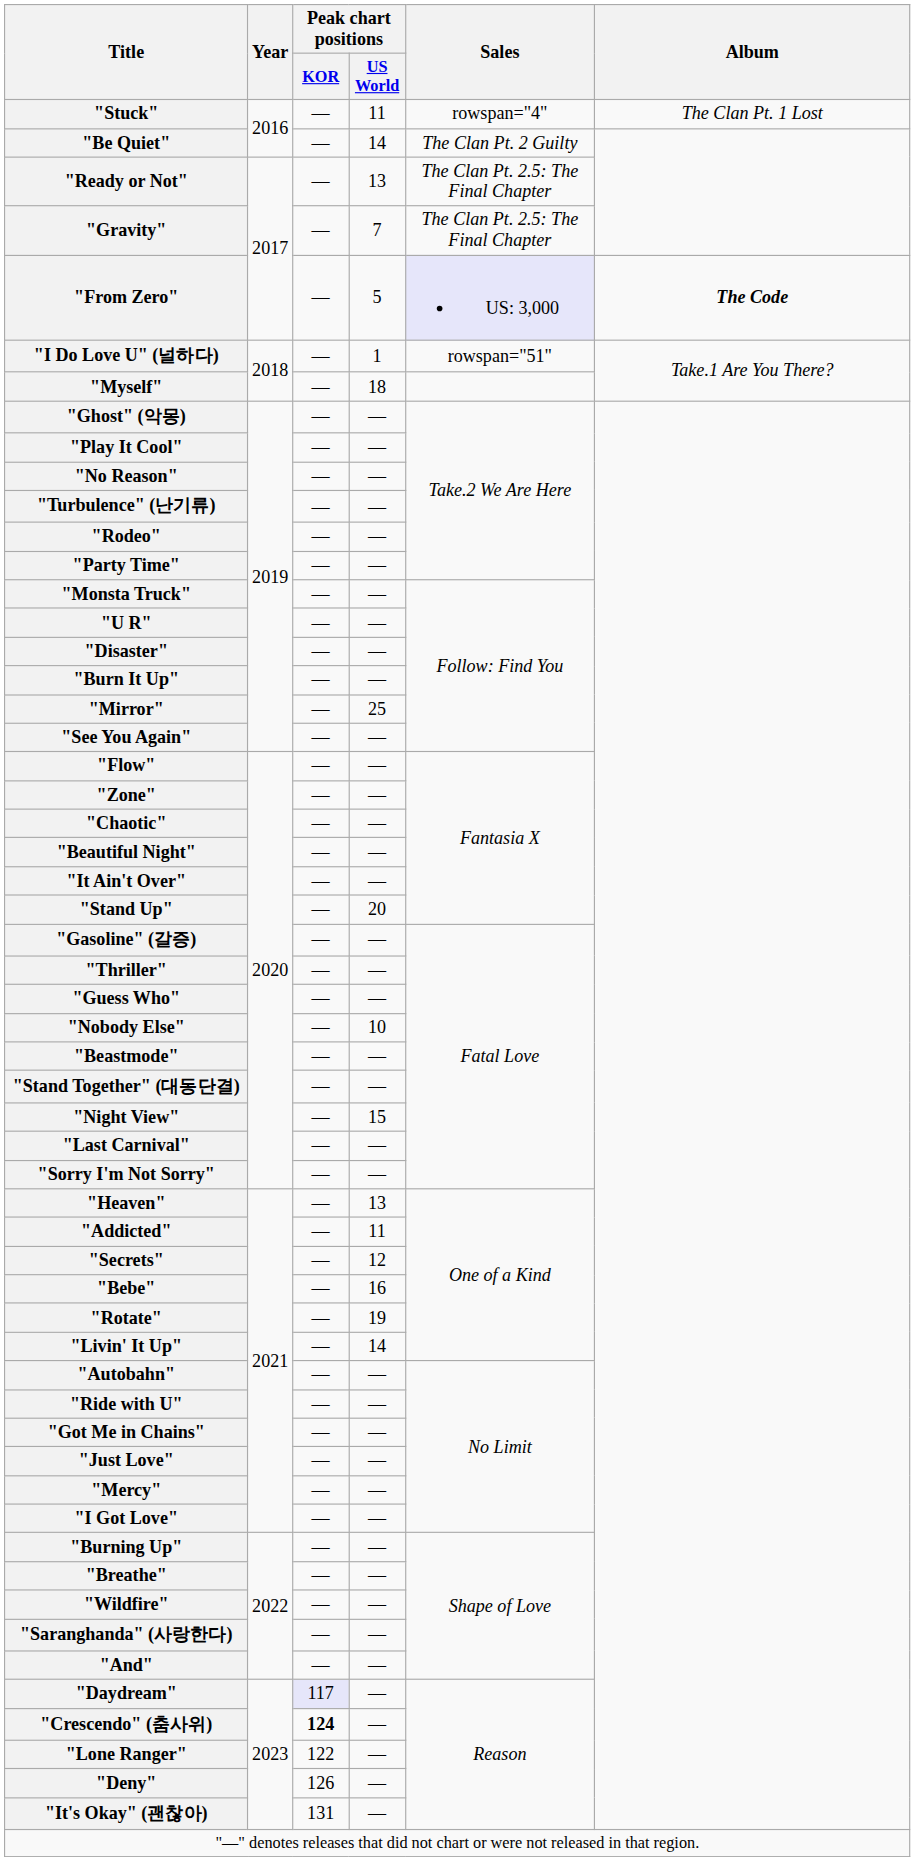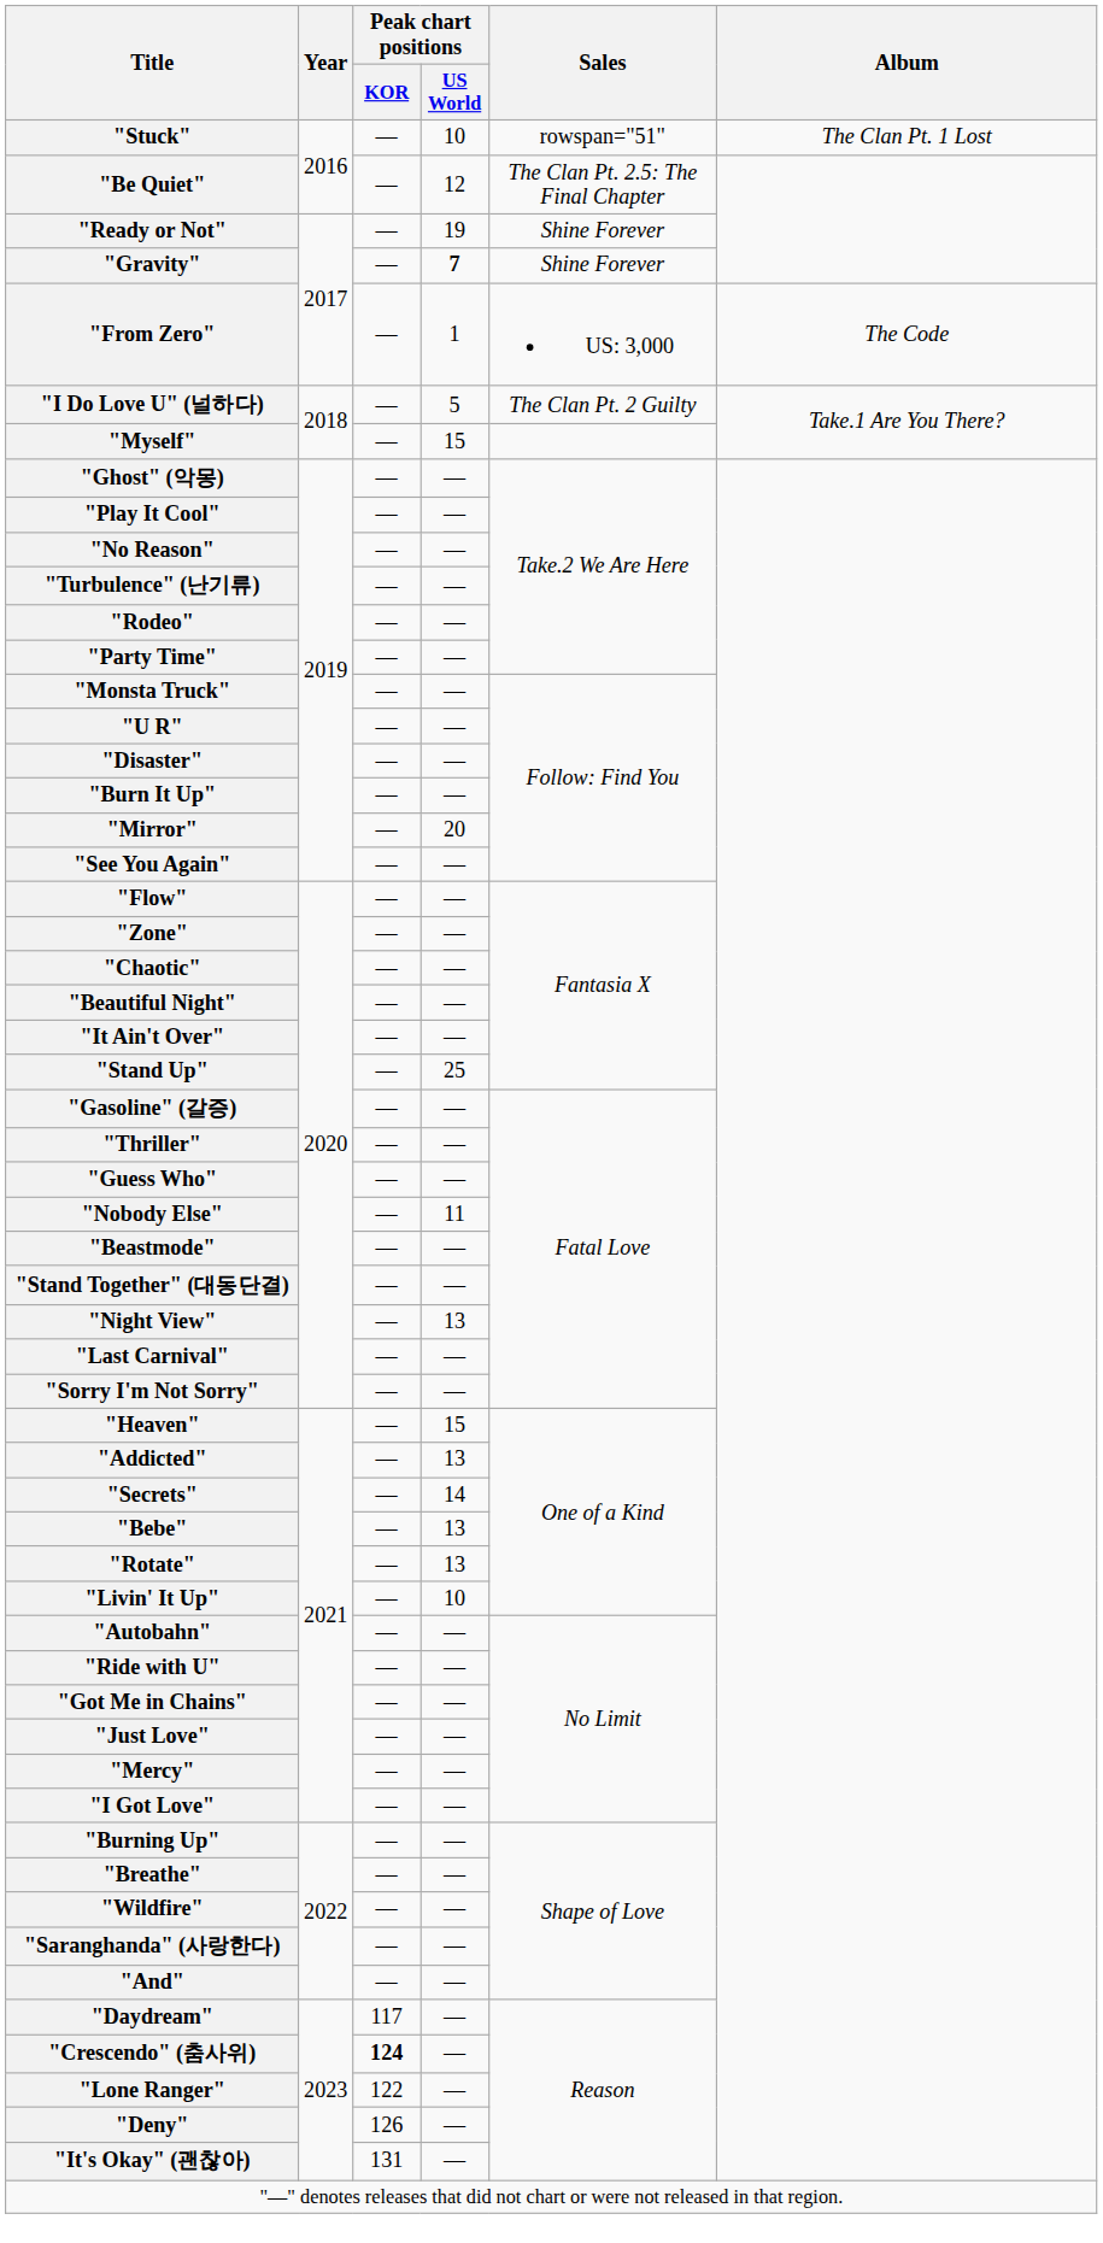 <table class="wikitable plainrowheaders" style="text-align:center">
 <tr>
 <th scope="col" rowspan="2" style="width:13em;">Title</th>
 <th scope="col" rowspan="2">Year</th>
 <th scope="col" colspan="2">Peak chart positions</th>
 <th scope="col" rowspan="2" style="width:10em;">Sales</th>
 <th scope="col" rowspan="2" style="width:17em;">Album</th>
 </tr>
 <tr>
 <th scope="col" style="width:3em;font-size:90%;"><a href='#'>KOR</a><br></th>
 <th scope="col" style="width:3em;font-size:90%;"><a href='#'>US<br>World</a><br></th>
 </tr>
 <tr>
 <th scope="row">"Stuck"</th>
 <td rowspan="2">2016</td>
 <td>—</td>
-<td>11</td>
-<td>rowspan="4" </td>
+<td>10</td>
+<td>rowspan="51" </td>
 <td><em>The Clan Pt. 1 Lost</em></td>
 </tr>
 <tr>
 <th scope="row">"Be Quiet"</th>
 <td>—</td>
-<td>14</td>
-<td><em>The Clan Pt. 2 Guilty</em></td>
+<td>12</td>
+<td><em>The Clan Pt. 2.5: The Final Chapter</em></td>
 </tr>
 <tr>
 <th scope="row">"Ready or Not"</th>
 <td rowspan="3">2017</td>
 <td>—</td>
-<td>13</td>
-<td><em>The Clan Pt. 2.5: The Final Chapter</em></td>
+<td>19</td>
+<td><em>Shine Forever</em></td>
 </tr>
 <tr>
 <th scope="row">"Gravity"</th>
 <td>—</td>
-<td>7</td>
-<td><em>The Clan Pt. 2.5: The Final Chapter</em></td>
+<td><strong>7</strong></td>
+<td><em>Shine Forever</em></td>
 </tr>
 <tr>
 <th scope="row">"From Zero"</th>
 <td>—</td>
-<td>5</td>
-<td style="background: lavender;"><br><ul><li>US: 3,000</li></ul></td>
-<td><strong><em>The Code</em></strong></td>
+<td>1</td>
+<td><br><ul><li>US: 3,000</li></ul></td>
+<td><em>The Code</em></td>
 </tr>
 <tr>
 <th scope="row">"I Do Love U" (널하다)</th>
 <td rowspan="2">2018</td>
 <td>—</td>
-<td>1</td>
-<td>rowspan="51" </td>
+<td>5</td>
+<td><em>The Clan Pt. 2 Guilty</em></td>
 <td rowspan="2"><em>Take.1 Are You There?</em></td>
 </tr>
 <tr>
 <th scope="row">"Myself"</th>
 <td>—</td>
-<td>18</td>
+<td>15</td>
 </tr>
 <tr>
 <th scope="row">"Ghost" (악몽)</th>
 <td rowspan="12">2019</td>
 <td>—</td>
 <td>—</td>
 <td rowspan="6"><em>Take.2 We Are Here</em></td>
 </tr>
 <tr>
 <th scope="row">"Play It Cool" <br></th>
 <td>—</td>
 <td>—</td>
 </tr>
 <tr>
 <th scope="row">"No Reason"</th>
 <td>—</td>
 <td>—</td>
 </tr>
 <tr>
 <th scope="row">"Turbulence" (난기류)</th>
 <td>—</td>
 <td>—</td>
 </tr>
 <tr>
 <th scope="row">"Rodeo"</th>
 <td>—</td>
 <td>—</td>
 </tr>
 <tr>
 <th scope="row">"Party Time"</th>
 <td>—</td>
 <td>—</td>
 </tr>
 <tr>
 <th scope="row">"Monsta Truck"</th>
 <td>—</td>
 <td>—</td>
 <td rowspan="6"><em>Follow: Find You</em></td>
 </tr>
 <tr>
 <th scope="row">"U R"</th>
 <td>—</td>
 <td>—</td>
 </tr>
 <tr>
 <th scope="row">"Disaster"</th>
 <td>—</td>
 <td>—</td>
 </tr>
 <tr>
 <th scope="row">"Burn It Up"</th>
 <td>—</td>
 <td>—</td>
 </tr>
 <tr>
 <th scope="row">"Mirror"</th>
 <td>—</td>
-<td>25</td>
+<td>20</td>
 </tr>
 <tr>
 <th scope="row">"See You Again"</th>
 <td>—</td>
 <td>—</td>
 </tr>
 <tr>
 <th scope="row">"Flow"</th>
 <td rowspan="15">2020</td>
 <td>—</td>
 <td>—</td>
 <td rowspan="6"><em>Fantasia X</em></td>
 </tr>
 <tr>
 <th scope="row">"Zone"</th>
 <td>—</td>
 <td>—</td>
 </tr>
 <tr>
 <th scope="row">"Chaotic"</th>
 <td>—</td>
 <td>—</td>
 </tr>
 <tr>
 <th scope="row">"Beautiful Night"</th>
 <td>—</td>
 <td>—</td>
 </tr>
 <tr>
 <th scope="row">"It Ain't Over"</th>
 <td>—</td>
 <td>—</td>
 </tr>
 <tr>
 <th scope="row">"Stand Up"</th>
 <td>—</td>
-<td>20</td>
+<td>25</td>
 </tr>
 <tr>
 <th scope="row">"Gasoline" (갈증)</th>
 <td>—</td>
 <td>—</td>
 <td rowspan="9"><em>Fatal Love</em></td>
 </tr>
 <tr>
 <th scope="row">"Thriller"</th>
 <td>—</td>
 <td>—</td>
 </tr>
 <tr>
 <th scope="row">"Guess Who"</th>
 <td>—</td>
 <td>—</td>
 </tr>
 <tr>
 <th scope="row">"Nobody Else"</th>
 <td>—</td>
-<td>10</td>
+<td>11</td>
 </tr>
 <tr>
 <th scope="row">"Beastmode"</th>
 <td>—</td>
 <td>—</td>
 </tr>
 <tr>
 <th scope="row">"Stand Together" (대동단결)</th>
 <td>—</td>
 <td>—</td>
 </tr>
 <tr>
 <th scope="row">"Night View"</th>
 <td>—</td>
-<td>15</td>
+<td>13</td>
 </tr>
 <tr>
 <th scope="row">"Last Carnival"</th>
 <td>—</td>
 <td>—</td>
 </tr>
 <tr>
 <th scope="row">"Sorry I'm Not Sorry"</th>
 <td>—</td>
 <td>—</td>
 </tr>
 <tr>
 <th scope="row">"Heaven"</th>
 <td rowspan="12">2021</td>
 <td>—</td>
-<td>13</td>
+<td>15</td>
 <td rowspan="6"><em>One of a Kind</em></td>
 </tr>
 <tr>
 <th scope="row">"Addicted"</th>
 <td>—</td>
-<td>11</td>
+<td>13</td>
 </tr>
 <tr>
 <th scope="row">"Secrets"</th>
 <td>—</td>
-<td>12</td>
+<td>14</td>
 </tr>
 <tr>
 <th scope="row">"Bebe"</th>
 <td>—</td>
-<td>16</td>
+<td>13</td>
 </tr>
 <tr>
 <th scope="row">"Rotate"</th>
 <td>—</td>
-<td>19</td>
+<td>13</td>
 </tr>
 <tr>
 <th scope="row">"Livin' It Up"</th>
 <td>—</td>
-<td>14</td>
+<td>10</td>
 </tr>
 <tr>
 <th scope="row">"Autobahn"</th>
 <td>—</td>
 <td>—</td>
 <td rowspan="6"><em>No Limit</em></td>
 </tr>
 <tr>
 <th scope="row">"Ride with U"</th>
 <td>—</td>
 <td>—</td>
 </tr>
 <tr>
 <th scope="row">"Got Me in Chains"</th>
 <td>—</td>
 <td>—</td>
 </tr>
 <tr>
 <th scope="row">"Just Love"</th>
 <td>—</td>
 <td>—</td>
 </tr>
 <tr>
 <th scope="row">"Mercy"</th>
 <td>—</td>
 <td>—</td>
 </tr>
 <tr>
 <th scope="row">"I Got Love"</th>
 <td>—</td>
 <td>—</td>
 </tr>
 <tr>
 <th scope="row">"Burning Up" <br></th>
 <td rowspan="5">2022</td>
 <td>—</td>
 <td>—</td>
 <td rowspan="5"><em>Shape of Love</em></td>
 </tr>
 <tr>
 <th scope="row">"Breathe"</th>
 <td>—</td>
 <td>—</td>
 </tr>
 <tr>
 <th scope="row">"Wildfire"</th>
 <td>—</td>
 <td>—</td>
 </tr>
 <tr>
 <th scope="row">"Saranghanda" (사랑한다)</th>
 <td>—</td>
 <td>—</td>
 </tr>
 <tr>
 <th scope="row">"And"</th>
 <td>—</td>
 <td>—</td>
 </tr>
 <tr>
 <th scope="row">"Daydream"</th>
 <td rowspan="5">2023</td>
-<td style="background: lavender;">117</td>
+<td>117</td>
 <td>—</td>
 <td rowspan="5"><em>Reason</em></td>
 </tr>
 <tr>
 <th scope="row">"Crescendo" (춤사위)</th>
 <td><strong>124</strong></td>
 <td>—</td>
 </tr>
 <tr>
 <th scope="row">"Lone Ranger"</th>
 <td>122</td>
 <td>—</td>
 </tr>
 <tr>
 <th scope="row">"Deny"</th>
 <td>126</td>
 <td>—</td>
 </tr>
 <tr>
 <th scope="row">"It's Okay" (괜찮아)</th>
 <td>131</td>
 <td>—</td>
 </tr>
 <tr>
 <td colspan="6" style="font-size:90%">"—" denotes releases that did not chart or were not released in that region.</td>
 </tr>
 </table>
